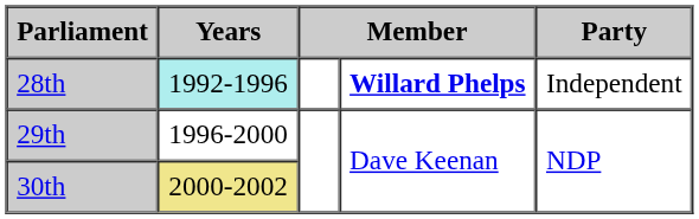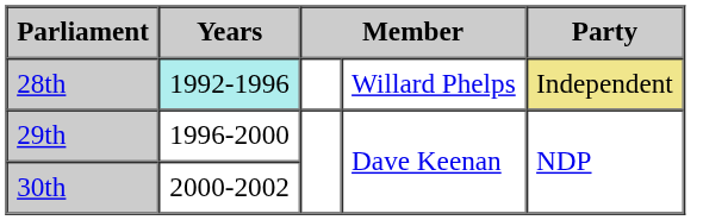 <table border=1 cellpadding=5 cellspacing=0>
 <tr bgcolor="CCCCCC">
 <th>Parliament</th>
 <th>Years</th>
 <th colspan="2">Member</th>
 <th>Party</th>
 </tr>
 <tr>
 <td bgcolor="CCCCCC"><a href='#'>28th</a></td>
 <td style="background: paleturquoise;">1992-1996</td>
 <td>   </td>
-<td><strong><a href='#'>Willard Phelps</a></strong></td>
-<td>Independent</td>
+<td><a href='#'>Willard Phelps</a></td>
+<td style="background: khaki;">Independent</td>
 </tr>
 <tr>
 <td bgcolor="CCCCCC"><a href='#'>29th</a></td>
 <td>1996-2000</td>
 <td rowspan="2" >   </td>
 <td rowspan="2"><a href='#'>Dave Keenan</a></td>
 <td rowspan="2"><a href='#'>NDP</a></td>
 </tr>
 <tr>
 <td bgcolor="CCCCCC"><a href='#'>30th</a></td>
-<td style="background: khaki;">2000-2002</td>
+<td>2000-2002</td>
 </tr>
 </table>
